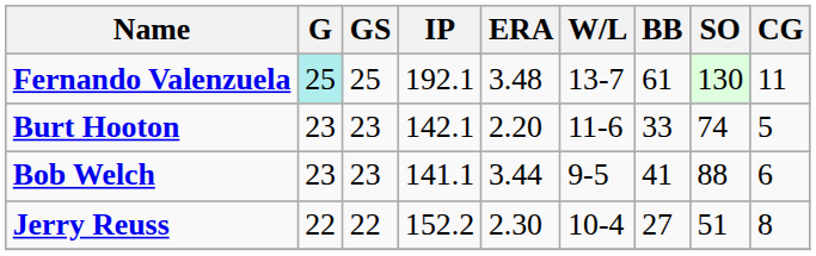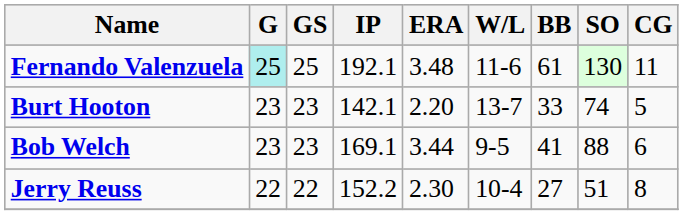 <table class="wikitable sortable" style="text-align:left">
 <tr>
 <th>Name</th>
 <th>G</th>
 <th>GS</th>
 <th>IP</th>
 <th>ERA</th>
 <th>W/L</th>
 <th>BB</th>
 <th>SO</th>
 <th>CG</th>
 </tr>
 <tr>
 <td><strong><a href='#'>Fernando Valenzuela</a>	</strong></td>
 <td style="background: paleturquoise;">25</td>
 <td>25</td>
 <td>192.1</td>
 <td>3.48</td>
-<td>13-7</td>
+<td>11-6</td>
 <td>61</td>
 <td style="background:#DDFFDD;">130</td>
 <td>11</td>
 </tr>
 <tr>
 <td><strong><a href='#'>Burt Hooton</a>	</strong></td>
 <td>23</td>
 <td>23</td>
 <td>142.1</td>
 <td>2.20</td>
-<td>11-6</td>
+<td>13-7</td>
 <td>33</td>
 <td>74</td>
 <td>5</td>
 </tr>
 <tr>
 <td><strong><a href='#'>Bob Welch</a></strong></td>
 <td>23</td>
 <td>23</td>
-<td>141.1</td>
+<td>169.1</td>
 <td>3.44</td>
 <td>9-5</td>
 <td>41</td>
 <td>88</td>
 <td>6</td>
 </tr>
 <tr>
 <td><strong><a href='#'>Jerry Reuss</a>	</strong></td>
 <td>22</td>
 <td>22</td>
 <td>152.2</td>
 <td>2.30</td>
 <td>10-4</td>
 <td>27</td>
 <td>51</td>
 <td>8</td>
 </tr>
 <tr>
 </tr>
 </table>
